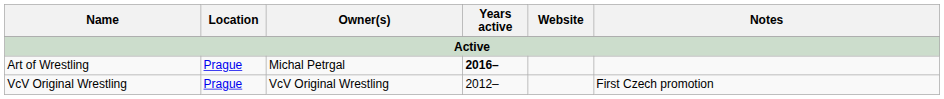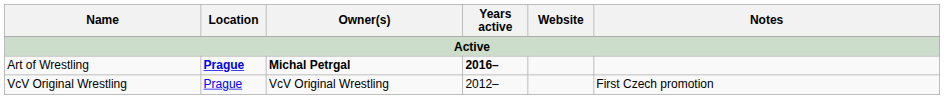 <table class="wikitable sortable" style="text-align: left;">
 <tr>
 <th width="21%">Name</th>
 <th width="7%">Location</th>
 <th width="21%">Owner(s)</th>
 <th width="7%">Years active</th>
 <th width="7%">Website</th>
 <th width="55%">Notes</th>
 </tr>
 <tr valign="top">
 </tr>
 <tr>
 <td colspan="7" style="background: #ccddcc;" align="center"><strong>Active</strong></td>
 </tr>
 <tr>
 <td>Art of Wrestling</td>
-<td><a href='#'>Prague</a></td>
-<td>Michal Petrgal</td>
+<td><strong><a href='#'>Prague</a></strong></td>
+<td><strong>Michal Petrgal</strong></td>
 <td><strong>2016–</strong></td>
 <td> </td>
 </tr>
 <tr>
 <td>VcV Original Wrestling</td>
 <td><a href='#'>Prague</a></td>
 <td>VcV Original Wrestling</td>
 <td>2012–</td>
 <td></td>
 <td>First Czech promotion</td>
 </tr>
 </table>
